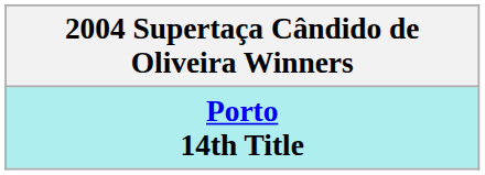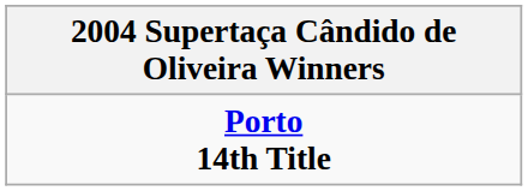 <table class="wikitable" style="text-align: center; margin: 0 auto; width: 20%">
 <tr>
 <th>2004 Supertaça Cândido de Oliveira Winners</th>
 </tr>
 <tr>
-<td style="background: paleturquoise;"><strong><a href='#'>Porto</a></strong><br><strong>14th Title</strong></td>
+<td><strong><a href='#'>Porto</a></strong><br><strong>14th Title</strong></td>
 </tr>
 </table>
